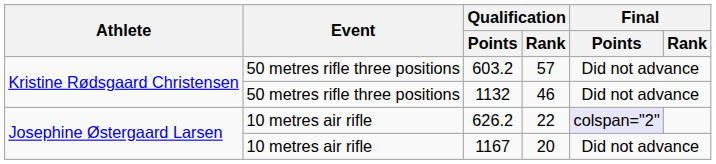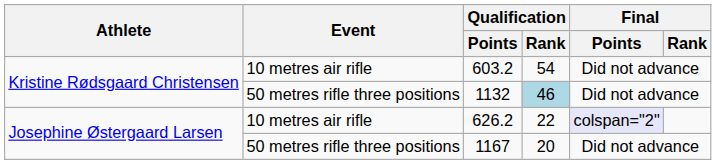 <table class="wikitable" style="font-size:90%; text-align:center">
 <tr>
 <th rowspan="2">Athlete</th>
 <th rowspan="2">Event</th>
 <th colspan="2">Qualification</th>
 <th colspan="2">Final</th>
 </tr>
 <tr>
 <th>Points</th>
 <th>Rank</th>
 <th>Points</th>
 <th>Rank</th>
 </tr>
 <tr>
 <td align="left" rowspan=2><a href='#'>Kristine Rødsgaard Christensen</a></td>
-<td align="left">50 metres rifle three positions</td>
+<td align="left">10 metres air rifle</td>
 <td>603.2</td>
-<td>57</td>
+<td>54</td>
 <td colspan="2">Did not advance</td>
 </tr>
 <tr>
 <td align="left">50 metres rifle three positions</td>
 <td>1132</td>
-<td>46</td>
+<td style="background: lightblue;">46</td>
 <td colspan="2">Did not advance</td>
 </tr>
 <tr>
 <td align="left" rowspan=2><a href='#'>Josephine Østergaard Larsen</a></td>
 <td align="left">10 metres air rifle</td>
 <td>626.2</td>
 <td>22</td>
 <td style="background: lavender;">colspan="2" </td>
 </tr>
 <tr>
-<td align="left">10 metres air rifle</td>
+<td align="left">50 metres rifle three positions</td>
 <td>1167</td>
 <td>20</td>
 <td colspan="2">Did not advance</td>
 </tr>
 </table>
